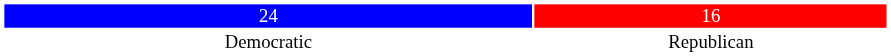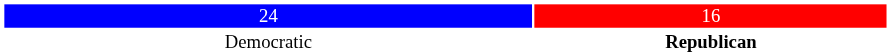 <table style="width:60%; text-align:center;">
 <tr style="color:white;">
 <td style="background:blue; width:60%;">24</td>
 <td style="background:red; width:40%;">16</td>
 </tr>
 <tr>
 <td><span>Democratic</span></td>
-<td><span>Republican</span></td>
+<td><strong><span>Republican</span></strong></td>
 </tr>
 </table>
